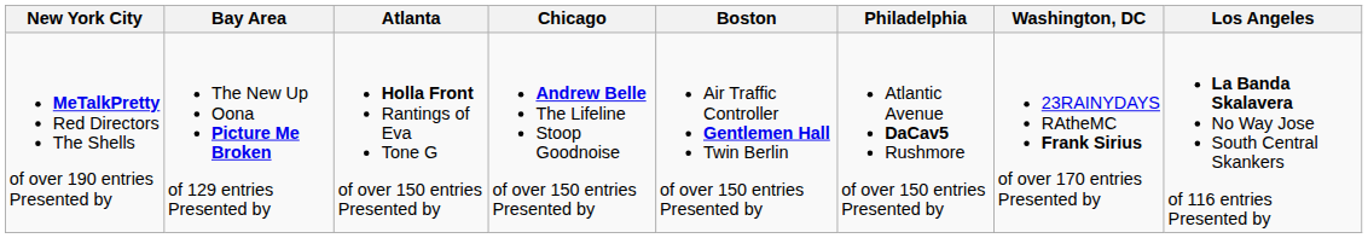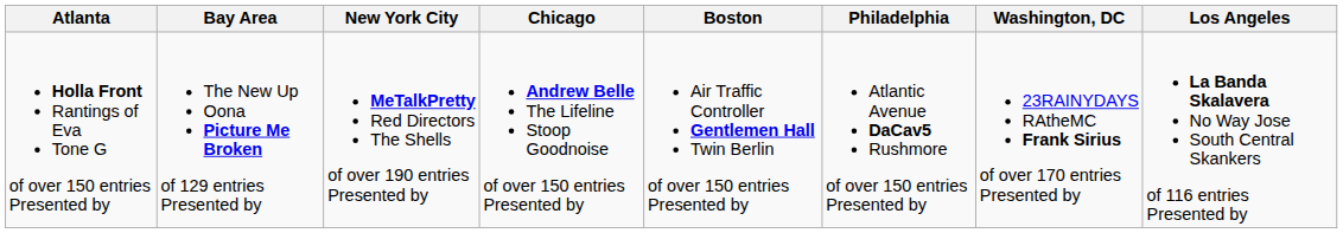 <table class="wikitable">
 <tr>
+<th>Atlanta</th>
+<th>Bay Area</th>
 <th>New York City</th>
-<th>Bay Area</th>
-<th>Atlanta</th>
 <th>Chicago</th>
 <th>Boston</th>
 <th>Philadelphia</th>
 <th>Washington, DC</th>
 <th>Los Angeles</th>
 </tr>
 <tr>
+<td><br><ul><li><strong>Holla Front</strong></li><li>Rantings of Eva</li><li>Tone G</li></ul>of over 150 entries<br> Presented by</td>
+<td><br><ul><li>The New Up</li><li>Oona</li><li><strong><a href='#'>Picture Me Broken</a></strong></li></ul>of 129 entries<br> Presented by</td>
 <td><br><ul><li><strong><a href='#'>MeTalkPretty</a></strong></li><li>Red Directors</li><li>The Shells</li></ul>of over 190 entries<br> Presented by</td>
-<td><br><ul><li>The New Up</li><li>Oona</li><li><strong><a href='#'>Picture Me Broken</a></strong></li></ul>of 129 entries<br> Presented by</td>
-<td><br><ul><li><strong>Holla Front</strong></li><li>Rantings of Eva</li><li>Tone G</li></ul>of over 150 entries<br> Presented by</td>
 <td><br><ul><li><strong><a href='#'>Andrew Belle</a></strong></li><li>The Lifeline</li><li>Stoop Goodnoise</li></ul>of over 150 entries<br> Presented by</td>
 <td><br><ul><li>Air Traffic Controller</li><li><strong><a href='#'>Gentlemen Hall</a></strong></li><li>Twin Berlin</li></ul>of over 150 entries<br> Presented by</td>
 <td><br><ul><li>Atlantic Avenue</li><li><strong>DaCav5</strong></li><li>Rushmore</li></ul>of over 150 entries<br> Presented by</td>
 <td><br><ul><li><a href='#'>23RAINYDAYS</a></li><li>RAtheMC</li><li><strong>Frank Sirius</strong></li></ul>of over 170 entries<br> Presented by</td>
 <td><br><ul><li><strong>La Banda Skalavera</strong></li><li>No Way Jose</li><li>South Central Skankers</li></ul>of 116 entries<br> Presented by</td>
 </tr>
 </table>
